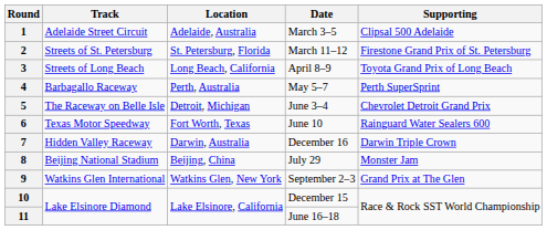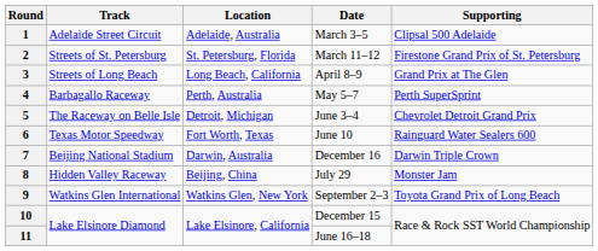 <table class="wikitable" style="font-size: 85%;">
 <tr>
 <th>Round</th>
 <th>Track</th>
 <th>Location</th>
 <th>Date</th>
 <th>Supporting</th>
 </tr>
 <tr>
 <th>1</th>
 <td><a href='#'>Adelaide Street Circuit</a></td>
 <td> <a href='#'>Adelaide</a>, <a href='#'>Australia</a></td>
 <td>March 3–5</td>
 <td><a href='#'>Clipsal 500 Adelaide</a></td>
 </tr>
 <tr>
 <th>2</th>
 <td><a href='#'>Streets of St. Petersburg</a></td>
 <td> <a href='#'>St. Petersburg</a>, <a href='#'>Florida</a></td>
 <td>March 11–12</td>
 <td><a href='#'>Firestone Grand Prix of St. Petersburg</a></td>
 </tr>
 <tr>
 <th>3</th>
 <td><a href='#'>Streets of Long Beach</a></td>
 <td> <a href='#'>Long Beach</a>, <a href='#'>California</a></td>
 <td>April 8–9</td>
-<td><a href='#'>Toyota Grand Prix of Long Beach</a></td>
+<td><a href='#'>Grand Prix at The Glen</a></td>
 </tr>
 <tr>
 <th>4</th>
 <td><a href='#'>Barbagallo Raceway</a></td>
 <td> <a href='#'>Perth</a>, <a href='#'>Australia</a></td>
 <td>May 5–7</td>
 <td><a href='#'>Perth SuperSprint</a></td>
 </tr>
 <tr>
 <th>5</th>
 <td><a href='#'>The Raceway on Belle Isle</a></td>
 <td> <a href='#'>Detroit</a>, <a href='#'>Michigan</a></td>
 <td>June 3–4</td>
 <td><a href='#'>Chevrolet Detroit Grand Prix</a></td>
 </tr>
 <tr>
 <th>6</th>
 <td><a href='#'>Texas Motor Speedway</a></td>
 <td> <a href='#'>Fort Worth</a>, <a href='#'>Texas</a></td>
 <td>June 10</td>
 <td><a href='#'>Rainguard Water Sealers 600</a></td>
 </tr>
 <tr>
 <th>7</th>
-<td><a href='#'>Hidden Valley Raceway</a></td>
+<td><a href='#'>Beijing National Stadium</a></td>
 <td> <a href='#'>Darwin</a>, <a href='#'>Australia</a></td>
 <td>December 16</td>
 <td><a href='#'>Darwin Triple Crown</a></td>
 </tr>
 <tr>
 <th>8</th>
-<td><a href='#'>Beijing National Stadium</a></td>
+<td><a href='#'>Hidden Valley Raceway</a></td>
 <td> <a href='#'>Beijing</a>, <a href='#'>China</a></td>
 <td>July 29</td>
 <td><a href='#'>Monster Jam</a></td>
 </tr>
 <tr>
 <th>9</th>
 <td><a href='#'>Watkins Glen International</a></td>
 <td> <a href='#'>Watkins Glen</a>, <a href='#'>New York</a></td>
 <td>September 2–3</td>
-<td><a href='#'>Grand Prix at The Glen</a></td>
+<td><a href='#'>Toyota Grand Prix of Long Beach</a></td>
 </tr>
 <tr>
 <th>10</th>
 <td rowspan=2><a href='#'>Lake Elsinore Diamond</a></td>
 <td rowspan=2> <a href='#'>Lake Elsinore</a>, <a href='#'>California</a></td>
 <td>December 15</td>
 <td rowspan=2>Race & Rock SST World Championship</td>
 </tr>
 <tr>
 <th>11</th>
 <td>June 16–18</td>
 </tr>
 </table>
